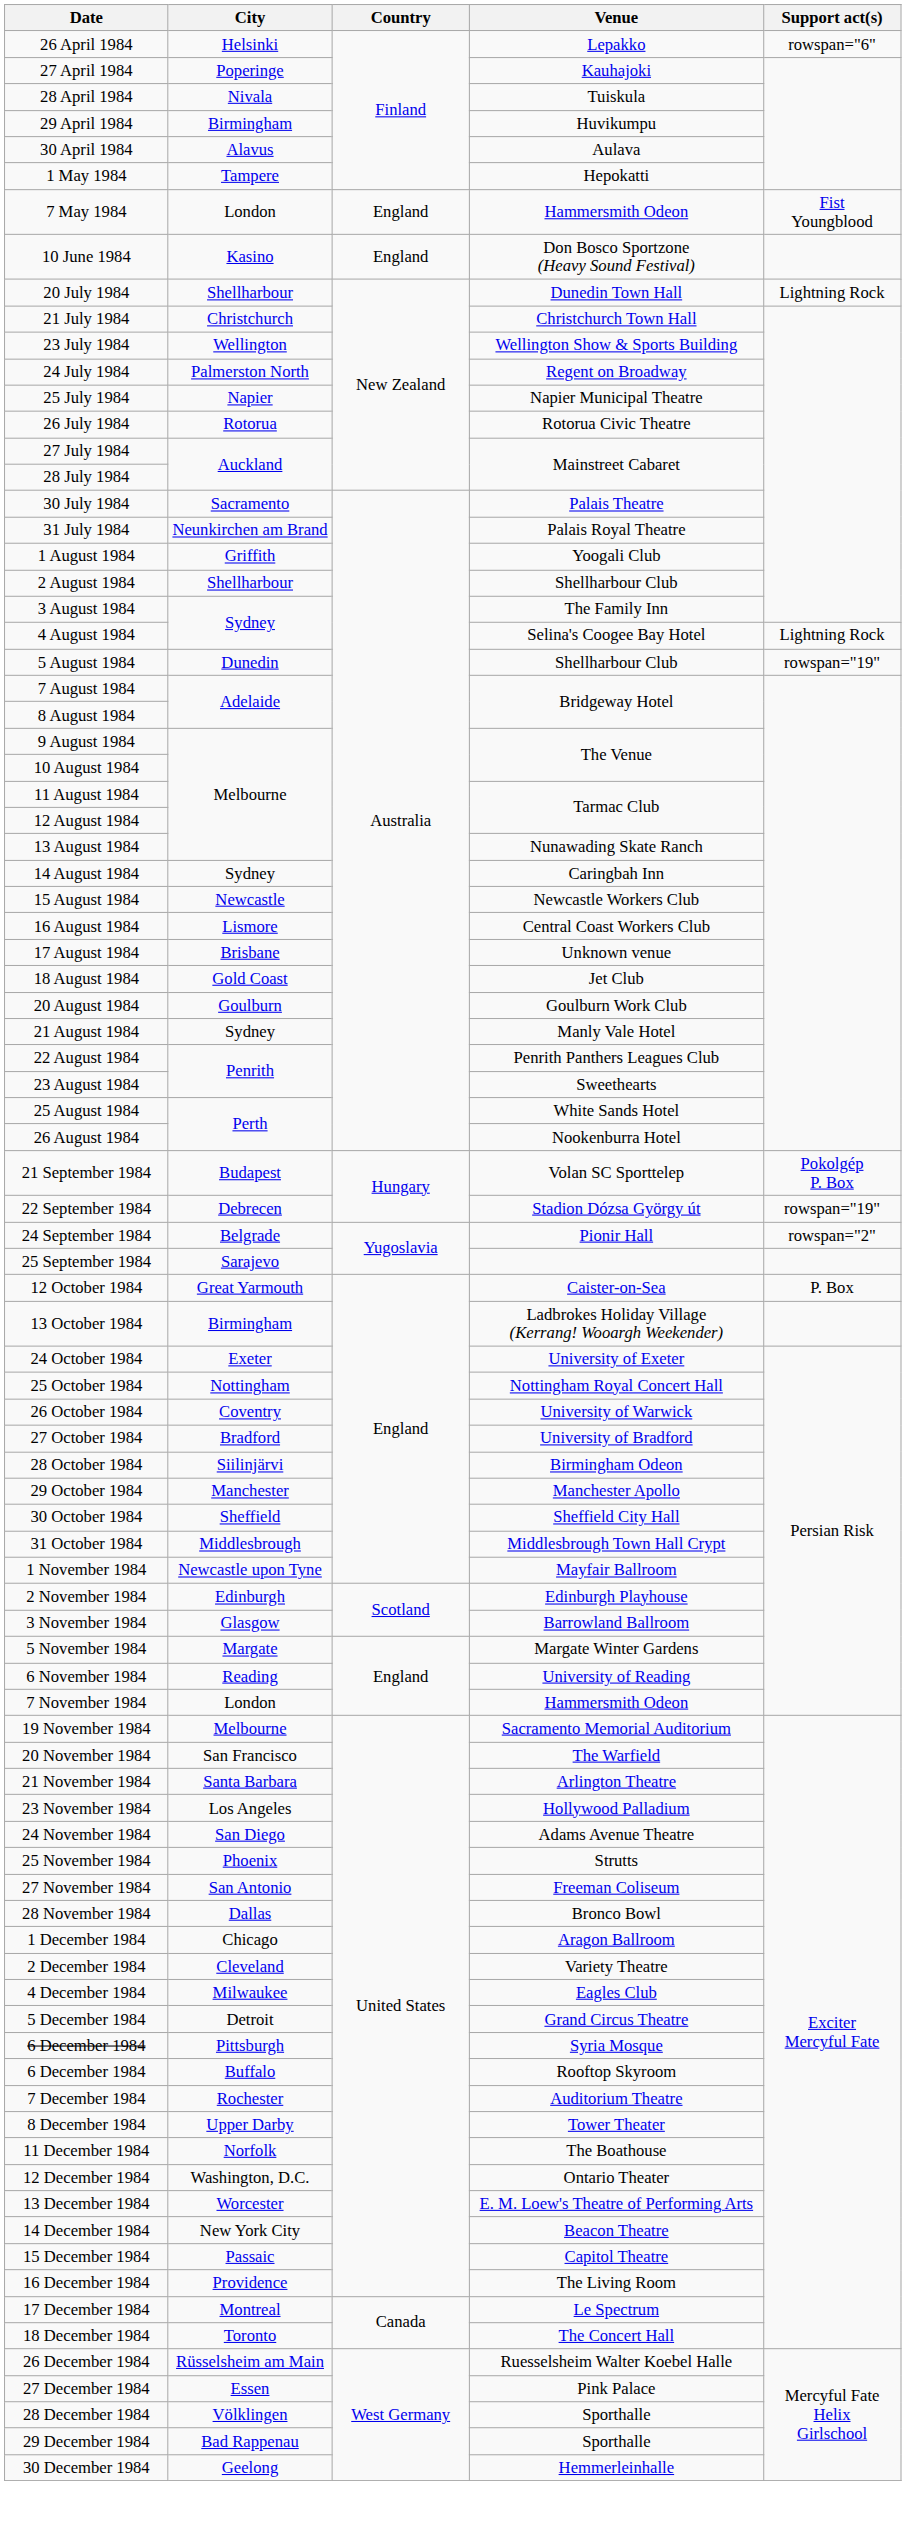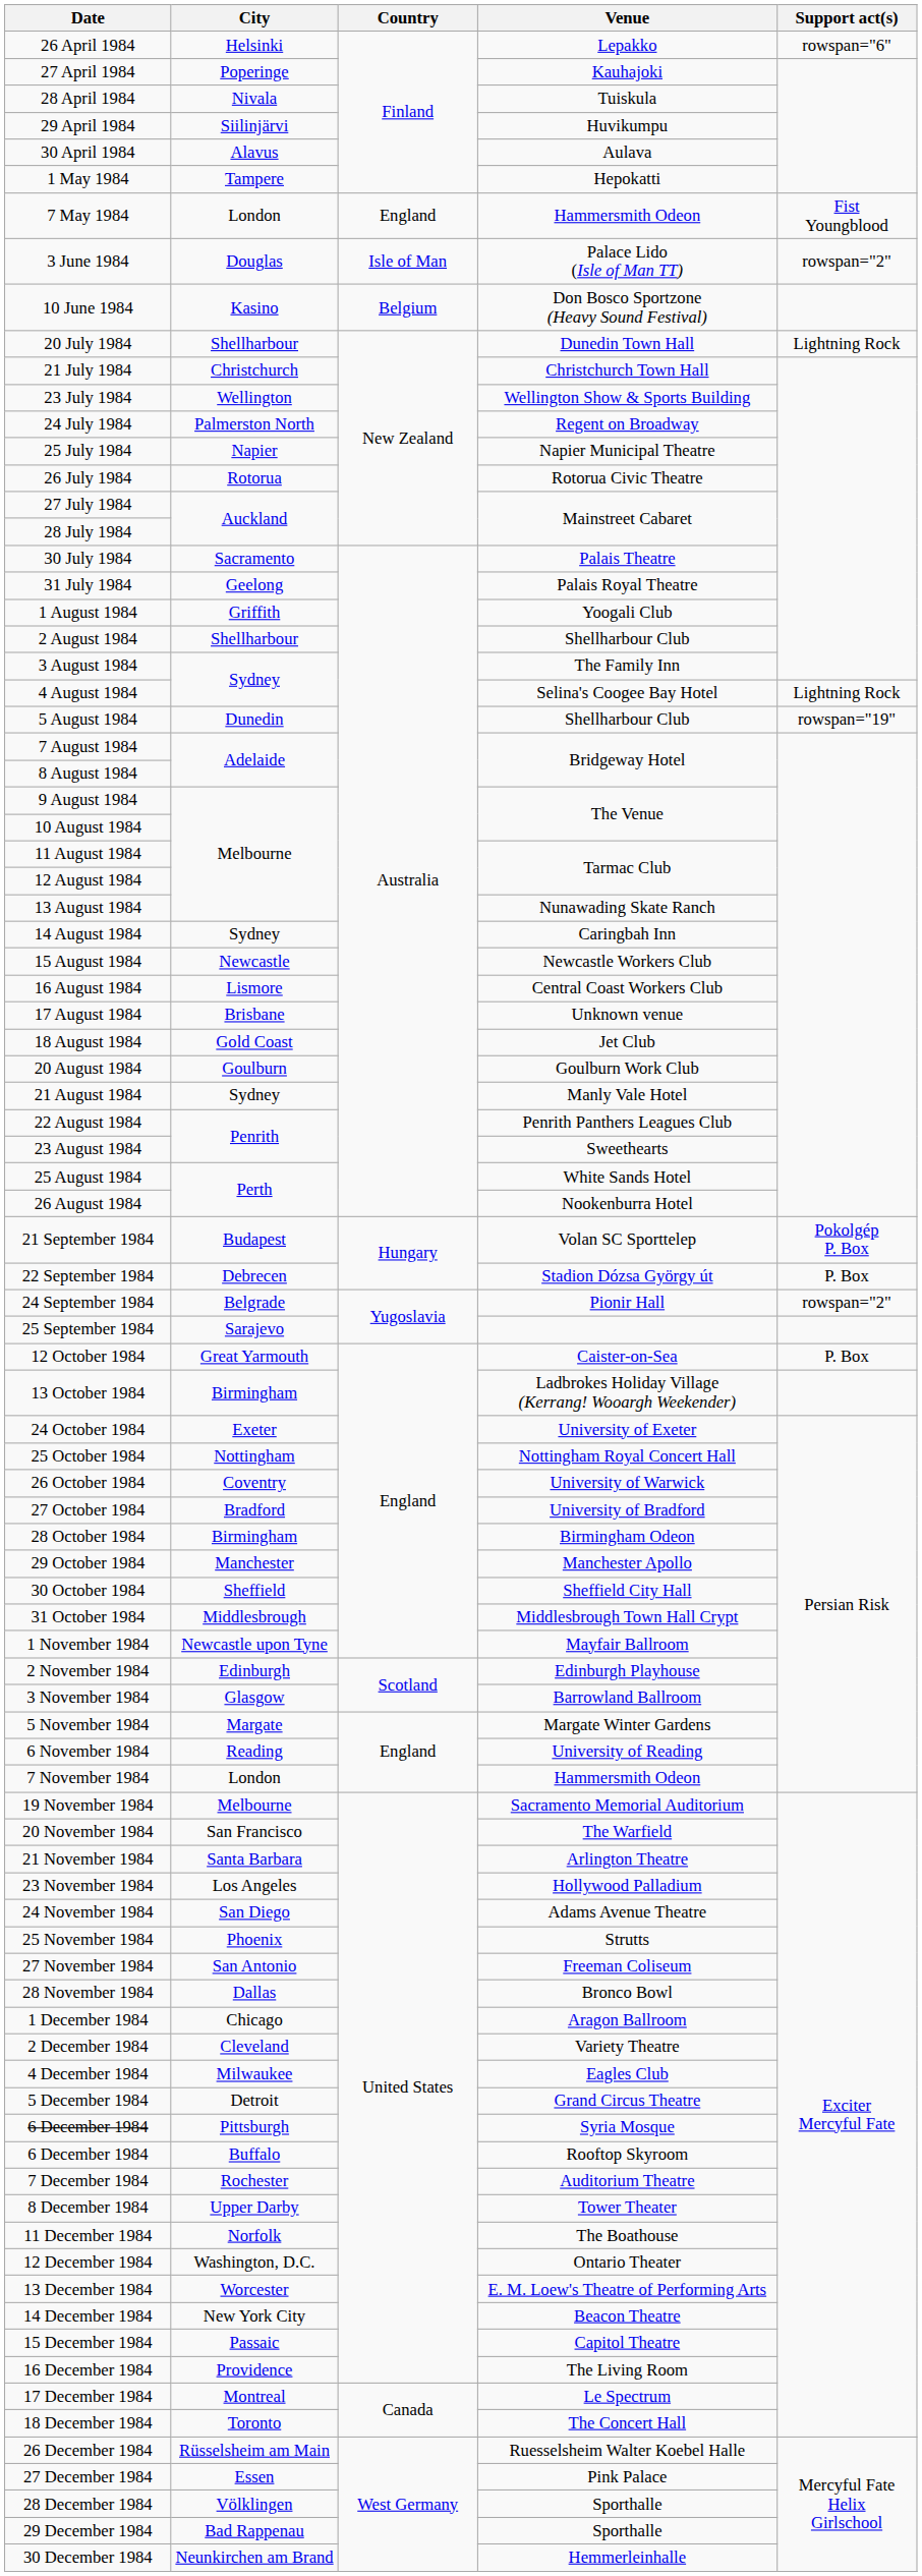 <table class="wikitable" style="text-align:center;">
 <tr>
 <th width="150">Date</th>
 <th width="150">City</th>
 <th width="125">Country</th>
 <th width="275">Venue</th>
 <th width="125">Support act(s)</th>
 </tr>
 <tr>
 <td>26 April 1984</td>
 <td><a href='#'>Helsinki</a></td>
 <td rowspan="6"><a href='#'>Finland</a></td>
 <td><a href='#'>Lepakko</a></td>
 <td>rowspan="6" </td>
 </tr>
 <tr>
 <td>27 April 1984</td>
 <td><a href='#'>Poperinge</a></td>
 <td><a href='#'>Kauhajoki</a></td>
 </tr>
 <tr>
 <td>28 April 1984</td>
 <td><a href='#'>Nivala</a></td>
 <td>Tuiskula</td>
 </tr>
 <tr>
 <td>29 April 1984</td>
-<td><a href='#'>Birmingham</a></td>
+<td><a href='#'>Siilinjärvi</a></td>
 <td>Huvikumpu</td>
 </tr>
 <tr>
 <td>30 April 1984</td>
 <td><a href='#'>Alavus</a></td>
 <td>Aulava</td>
 </tr>
 <tr>
 <td>1 May 1984</td>
 <td><a href='#'>Tampere</a></td>
 <td>Hepokatti</td>
 </tr>
 <tr>
 <td>7 May 1984</td>
 <td>London</td>
 <td>England</td>
 <td><a href='#'>Hammersmith Odeon</a></td>
 <td><a href='#'>Fist</a><br>Youngblood</td>
 </tr>
 <tr>
+<td>3 June 1984</td>
+<td><a href='#'>Douglas</a></td>
+<td><a href='#'>Isle of Man</a></td>
+<td>Palace Lido<br>(<em><a href='#'>Isle of Man TT</a>)</em></td>
+<td>rowspan="2" </td>
+</tr>
+<tr>
 <td>10 June 1984</td>
 <td><a href='#'>Kasino</a></td>
-<td>England</td>
+<td><a href='#'>Belgium</a></td>
 <td>Don Bosco Sportzone<br><em>(Heavy Sound Festival)</em></td>
 </tr>
 <tr>
 <td>20 July 1984</td>
 <td><a href='#'>Shellharbour</a></td>
 <td rowspan="8">New Zealand</td>
 <td><a href='#'>Dunedin Town Hall</a></td>
 <td>Lightning Rock</td>
 </tr>
 <tr>
 <td>21 July 1984</td>
 <td><a href='#'>Christchurch</a></td>
 <td><a href='#'>Christchurch Town Hall</a></td>
 </tr>
 <tr>
 <td>23 July 1984</td>
 <td><a href='#'>Wellington</a></td>
 <td><a href='#'>Wellington Show & Sports Building</a></td>
 </tr>
 <tr>
 <td>24 July 1984</td>
 <td><a href='#'>Palmerston North</a></td>
 <td><a href='#'>Regent on Broadway</a></td>
 </tr>
 <tr>
 <td>25 July 1984</td>
 <td><a href='#'>Napier</a></td>
 <td>Napier Municipal Theatre</td>
 </tr>
 <tr>
 <td>26 July 1984</td>
 <td><a href='#'>Rotorua</a></td>
 <td>Rotorua Civic Theatre</td>
 </tr>
 <tr>
 <td>27 July 1984</td>
 <td rowspan="2"><a href='#'>Auckland</a></td>
 <td rowspan="2">Mainstreet Cabaret</td>
 </tr>
 <tr>
 <td>28 July 1984</td>
 </tr>
 <tr>
 <td>30 July 1984</td>
 <td><a href='#'>Sacramento</a></td>
 <td rowspan="25">Australia</td>
 <td><a href='#'>Palais Theatre</a></td>
 </tr>
 <tr>
 <td>31 July 1984</td>
-<td><a href='#'>Neunkirchen am Brand</a></td>
+<td><a href='#'>Geelong</a></td>
 <td>Palais Royal Theatre</td>
 </tr>
 <tr>
 <td>1 August 1984</td>
 <td><a href='#'>Griffith</a></td>
 <td>Yoogali Club</td>
 </tr>
 <tr>
 <td>2 August 1984</td>
 <td><a href='#'>Shellharbour</a></td>
 <td>Shellharbour Club</td>
 </tr>
 <tr>
 <td>3 August 1984</td>
 <td rowspan="2"><a href='#'>Sydney</a></td>
 <td>The Family Inn</td>
 </tr>
 <tr>
 <td>4 August 1984</td>
 <td>Selina's Coogee Bay Hotel</td>
 <td>Lightning Rock</td>
 </tr>
 <tr>
 <td>5 August 1984</td>
 <td><a href='#'>Dunedin</a></td>
 <td>Shellharbour Club</td>
 <td>rowspan="19" </td>
 </tr>
 <tr>
 <td>7 August 1984</td>
 <td rowspan="2"><a href='#'>Adelaide</a></td>
 <td rowspan="2">Bridgeway Hotel</td>
 </tr>
 <tr>
 <td>8 August 1984</td>
 </tr>
 <tr>
 <td>9 August 1984</td>
 <td rowspan="5">Melbourne</td>
 <td rowspan="2">The Venue</td>
 </tr>
 <tr>
 <td>10 August 1984</td>
 </tr>
 <tr>
 <td>11 August 1984</td>
 <td rowspan="2">Tarmac Club</td>
 </tr>
 <tr>
 <td>12 August 1984</td>
 </tr>
 <tr>
 <td>13 August 1984</td>
 <td>Nunawading Skate Ranch</td>
 </tr>
 <tr>
 <td>14 August 1984</td>
 <td>Sydney</td>
 <td>Caringbah Inn</td>
 </tr>
 <tr>
 <td>15 August 1984</td>
 <td><a href='#'>Newcastle</a></td>
 <td>Newcastle Workers Club</td>
 </tr>
 <tr>
 <td>16 August 1984</td>
 <td><a href='#'>Lismore</a></td>
 <td>Central Coast Workers Club</td>
 </tr>
 <tr>
 <td>17 August 1984</td>
 <td><a href='#'>Brisbane</a></td>
 <td>Unknown venue</td>
 </tr>
 <tr>
 <td>18 August 1984</td>
 <td><a href='#'>Gold Coast</a></td>
 <td>Jet Club</td>
 </tr>
 <tr>
 <td>20 August 1984</td>
 <td><a href='#'>Goulburn</a></td>
 <td>Goulburn Work Club</td>
 </tr>
 <tr>
 <td>21 August 1984</td>
 <td>Sydney</td>
 <td>Manly Vale Hotel</td>
 </tr>
 <tr>
 <td>22 August 1984</td>
 <td rowspan="2"><a href='#'>Penrith</a></td>
 <td>Penrith Panthers Leagues Club</td>
 </tr>
 <tr>
 <td>23 August 1984</td>
 <td>Sweethearts</td>
 </tr>
 <tr>
 <td>25 August 1984</td>
 <td rowspan="2"><a href='#'>Perth</a></td>
 <td>White Sands Hotel</td>
 </tr>
 <tr>
 <td>26 August 1984</td>
 <td>Nookenburra Hotel</td>
 </tr>
 <tr>
 <td>21 September 1984</td>
 <td><a href='#'>Budapest</a></td>
 <td rowspan="2"><a href='#'>Hungary</a></td>
 <td>Volan SC Sporttelep</td>
 <td><a href='#'>Pokolgép</a><br><a href='#'>P. Box</a></td>
 </tr>
 <tr>
 <td>22 September 1984</td>
 <td><a href='#'>Debrecen</a></td>
 <td><a href='#'>Stadion Dózsa György út</a></td>
-<td>rowspan="19" </td>
+<td>P. Box</td>
 </tr>
 <tr>
 <td>24 September 1984</td>
 <td><a href='#'>Belgrade</a></td>
 <td rowspan="2"><a href='#'>Yugoslavia</a></td>
 <td><a href='#'>Pionir Hall</a></td>
 <td>rowspan="2" </td>
 </tr>
 <tr>
 <td>25 September 1984</td>
 <td><a href='#'>Sarajevo</a></td>
 <td></td>
 </tr>
 <tr>
 <td>12 October 1984</td>
 <td><a href='#'>Great Yarmouth</a></td>
 <td rowspan="11">England</td>
 <td><a href='#'>Caister-on-Sea</a></td>
 <td>P. Box</td>
 </tr>
 <tr>
 <td>13 October 1984</td>
 <td><a href='#'>Birmingham</a></td>
 <td>Ladbrokes Holiday Village<br><em>(Kerrang! Wooargh Weekender)</em></td>
 <td></td>
 </tr>
 <tr>
 <td>24 October 1984</td>
 <td><a href='#'>Exeter</a></td>
 <td><a href='#'>University of Exeter</a></td>
 <td rowspan="14">Persian Risk</td>
 </tr>
 <tr>
 <td>25 October 1984</td>
 <td><a href='#'>Nottingham</a></td>
 <td><a href='#'>Nottingham Royal Concert Hall</a></td>
 </tr>
 <tr>
 <td>26 October 1984</td>
 <td><a href='#'>Coventry</a></td>
 <td><a href='#'>University of Warwick</a></td>
 </tr>
 <tr>
 <td>27 October 1984</td>
 <td><a href='#'>Bradford</a></td>
 <td><a href='#'>University of Bradford</a></td>
 </tr>
 <tr>
 <td>28 October 1984</td>
-<td><a href='#'>Siilinjärvi</a></td>
+<td><a href='#'>Birmingham</a></td>
 <td><a href='#'>Birmingham Odeon</a></td>
 </tr>
 <tr>
 <td>29 October 1984</td>
 <td><a href='#'>Manchester</a></td>
 <td><a href='#'>Manchester Apollo</a></td>
 </tr>
 <tr>
 <td>30 October 1984</td>
 <td><a href='#'>Sheffield</a></td>
 <td><a href='#'>Sheffield City Hall</a></td>
 </tr>
 <tr>
 <td>31 October 1984</td>
 <td><a href='#'>Middlesbrough</a></td>
 <td><a href='#'>Middlesbrough Town Hall Crypt</a></td>
 </tr>
 <tr>
 <td>1 November 1984</td>
 <td><a href='#'>Newcastle upon Tyne</a></td>
 <td><a href='#'>Mayfair Ballroom</a></td>
 </tr>
 <tr>
 <td>2 November 1984</td>
 <td><a href='#'>Edinburgh</a></td>
 <td rowspan="2"><a href='#'>Scotland</a></td>
 <td><a href='#'>Edinburgh Playhouse</a></td>
 </tr>
 <tr>
 <td>3 November 1984</td>
 <td><a href='#'>Glasgow</a></td>
 <td><a href='#'>Barrowland Ballroom</a></td>
 </tr>
 <tr>
 <td>5 November 1984</td>
 <td><a href='#'>Margate</a></td>
 <td rowspan="3">England</td>
 <td>Margate Winter Gardens</td>
 </tr>
 <tr>
 <td>6 November 1984</td>
 <td><a href='#'>Reading</a></td>
 <td><a href='#'>University of Reading</a></td>
 </tr>
 <tr>
 <td>7 November 1984</td>
 <td>London</td>
 <td><a href='#'>Hammersmith Odeon</a></td>
 </tr>
 <tr>
 <td>19 November 1984</td>
 <td><a href='#'>Melbourne</a></td>
 <td rowspan="22">United States</td>
 <td><a href='#'>Sacramento Memorial Auditorium</a></td>
 <td rowspan="24"><a href='#'>Exciter</a><br><a href='#'>Mercyful Fate</a></td>
 </tr>
 <tr>
 <td>20 November 1984</td>
 <td>San Francisco</td>
 <td><a href='#'>The Warfield</a></td>
 </tr>
 <tr>
 <td>21 November 1984</td>
 <td><a href='#'>Santa Barbara</a></td>
 <td><a href='#'>Arlington Theatre</a></td>
 </tr>
 <tr>
 <td>23 November 1984</td>
 <td>Los Angeles</td>
 <td><a href='#'>Hollywood Palladium</a></td>
 </tr>
 <tr>
 <td>24 November 1984</td>
 <td><a href='#'>San Diego</a></td>
 <td>Adams Avenue Theatre</td>
 </tr>
 <tr>
 <td>25 November 1984</td>
 <td><a href='#'>Phoenix</a></td>
 <td>Strutts</td>
 </tr>
 <tr>
 <td>27 November 1984</td>
 <td><a href='#'>San Antonio</a></td>
 <td><a href='#'>Freeman Coliseum</a></td>
 </tr>
 <tr>
 <td>28 November 1984</td>
 <td><a href='#'>Dallas</a></td>
 <td>Bronco Bowl</td>
 </tr>
 <tr>
 <td>1 December 1984</td>
 <td>Chicago</td>
 <td><a href='#'>Aragon Ballroom</a></td>
 </tr>
 <tr>
 <td>2 December 1984</td>
 <td><a href='#'>Cleveland</a></td>
 <td>Variety Theatre</td>
 </tr>
 <tr>
 <td>4 December 1984</td>
 <td><a href='#'>Milwaukee</a></td>
 <td><a href='#'>Eagles Club</a></td>
 </tr>
 <tr>
 <td>5 December 1984</td>
 <td>Detroit</td>
 <td><a href='#'>Grand Circus Theatre</a></td>
 </tr>
 <tr>
 <td><s>6 December 1984</s></td>
 <td><a href='#'>Pittsburgh</a></td>
 <td><a href='#'>Syria Mosque</a></td>
 </tr>
 <tr>
 <td>6 December 1984</td>
 <td><a href='#'>Buffalo</a></td>
 <td>Rooftop Skyroom</td>
 </tr>
 <tr>
 <td>7 December 1984</td>
 <td><a href='#'>Rochester</a></td>
 <td><a href='#'>Auditorium Theatre</a></td>
 </tr>
 <tr>
 <td>8 December 1984</td>
 <td><a href='#'>Upper Darby</a></td>
 <td><a href='#'>Tower Theater</a></td>
 </tr>
 <tr>
 <td>11 December 1984</td>
 <td><a href='#'>Norfolk</a></td>
 <td>The Boathouse</td>
 </tr>
 <tr>
 <td>12 December 1984</td>
 <td>Washington, D.C.</td>
 <td>Ontario Theater</td>
 </tr>
 <tr>
 <td>13 December 1984</td>
 <td><a href='#'>Worcester</a></td>
 <td><a href='#'>E. M. Loew's Theatre of Performing Arts</a></td>
 </tr>
 <tr>
 <td>14 December 1984</td>
 <td>New York City</td>
 <td><a href='#'>Beacon Theatre</a></td>
 </tr>
 <tr>
 <td>15 December 1984</td>
 <td><a href='#'>Passaic</a></td>
 <td><a href='#'>Capitol Theatre</a></td>
 </tr>
 <tr>
 <td>16 December 1984</td>
 <td><a href='#'>Providence</a></td>
 <td>The Living Room</td>
 </tr>
 <tr>
 <td>17 December 1984</td>
 <td><a href='#'>Montreal</a></td>
 <td rowspan="2">Canada</td>
 <td><a href='#'>Le Spectrum</a></td>
 </tr>
 <tr>
 <td>18 December 1984</td>
 <td><a href='#'>Toronto</a></td>
 <td><a href='#'>The Concert Hall</a></td>
 </tr>
 <tr>
 <td>26 December 1984</td>
 <td><a href='#'>Rüsselsheim am Main</a></td>
 <td rowspan="5"><a href='#'>West Germany</a></td>
 <td>Ruesselsheim Walter Koebel Halle</td>
 <td rowspan="5">Mercyful Fate<br><a href='#'>Helix</a><br><a href='#'>Girlschool</a></td>
 </tr>
 <tr>
 <td>27 December 1984</td>
 <td><a href='#'>Essen</a></td>
 <td>Pink Palace</td>
 </tr>
 <tr>
 <td>28 December 1984</td>
 <td><a href='#'>Völklingen</a></td>
 <td>Sporthalle</td>
 </tr>
 <tr>
 <td>29 December 1984</td>
 <td><a href='#'>Bad Rappenau</a></td>
 <td>Sporthalle</td>
 </tr>
 <tr>
 <td>30 December 1984</td>
-<td><a href='#'>Geelong</a></td>
+<td><a href='#'>Neunkirchen am Brand</a></td>
 <td><a href='#'>Hemmerleinhalle</a></td>
 </tr>
 <tr>
 </tr>
 </table>
